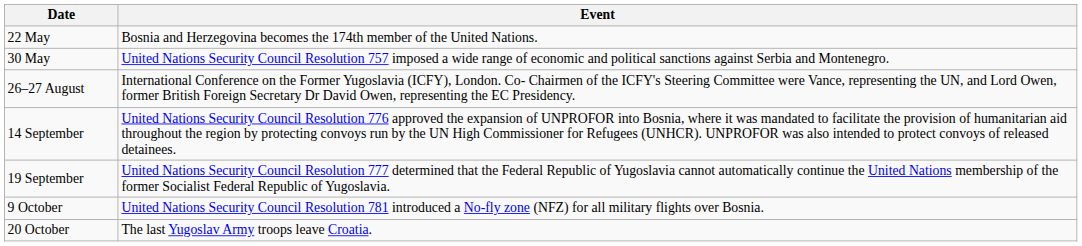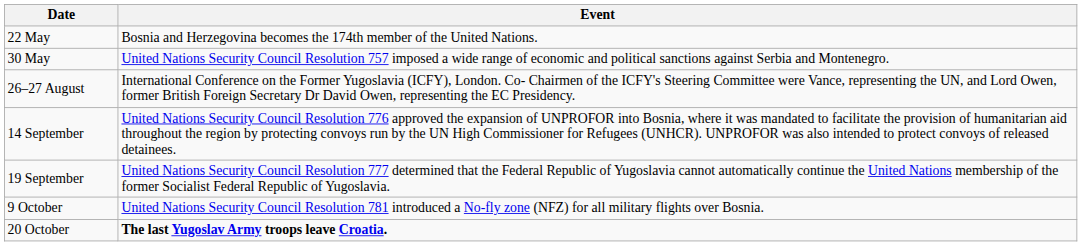 <table class="wikitable">
 <tr>
 <th width="125">Date</th>
 <th>Event</th>
 </tr>
 <tr>
 <td>22 May</td>
 <td>Bosnia and Herzegovina becomes the 174th member of the United Nations.</td>
 </tr>
 <tr>
 <td>30 May</td>
 <td><a href='#'>United Nations Security Council Resolution 757</a> imposed a wide range of economic and political sanctions against Serbia and Montenegro.</td>
 </tr>
 <tr>
 <td>26–27 August</td>
 <td>International Conference on the Former Yugoslavia (ICFY), London. Co- Chairmen of the ICFY's Steering Committee were Vance, representing the UN, and Lord Owen, former British Foreign Secretary Dr David Owen, representing the EC Presidency.</td>
 </tr>
 <tr>
 <td>14 September</td>
 <td><a href='#'>United Nations Security Council Resolution 776</a> approved the expansion of UNPROFOR into Bosnia, where it was mandated to facilitate the provision of humanitarian aid throughout the region by protecting convoys run by the UN High Commissioner for Refugees (UNHCR). UNPROFOR was also intended to protect convoys of released detainees.</td>
 </tr>
 <tr>
 <td>19 September</td>
 <td><a href='#'>United Nations Security Council Resolution 777</a> determined that the Federal Republic of Yugoslavia cannot automatically continue the <a href='#'>United Nations</a> membership of the former Socialist Federal Republic of Yugoslavia.</td>
 </tr>
 <tr>
 <td>9 October</td>
 <td><a href='#'>United Nations Security Council Resolution 781</a> introduced a <a href='#'>No-fly zone</a> (NFZ) for all military flights over Bosnia.</td>
 </tr>
 <tr>
 <td>20 October</td>
-<td>The last <a href='#'>Yugoslav Army</a> troops leave <a href='#'>Croatia</a>.</td>
+<td><strong>The last <a href='#'>Yugoslav Army</a> troops leave <a href='#'>Croatia</a>.</strong></td>
 </tr>
 </table>
